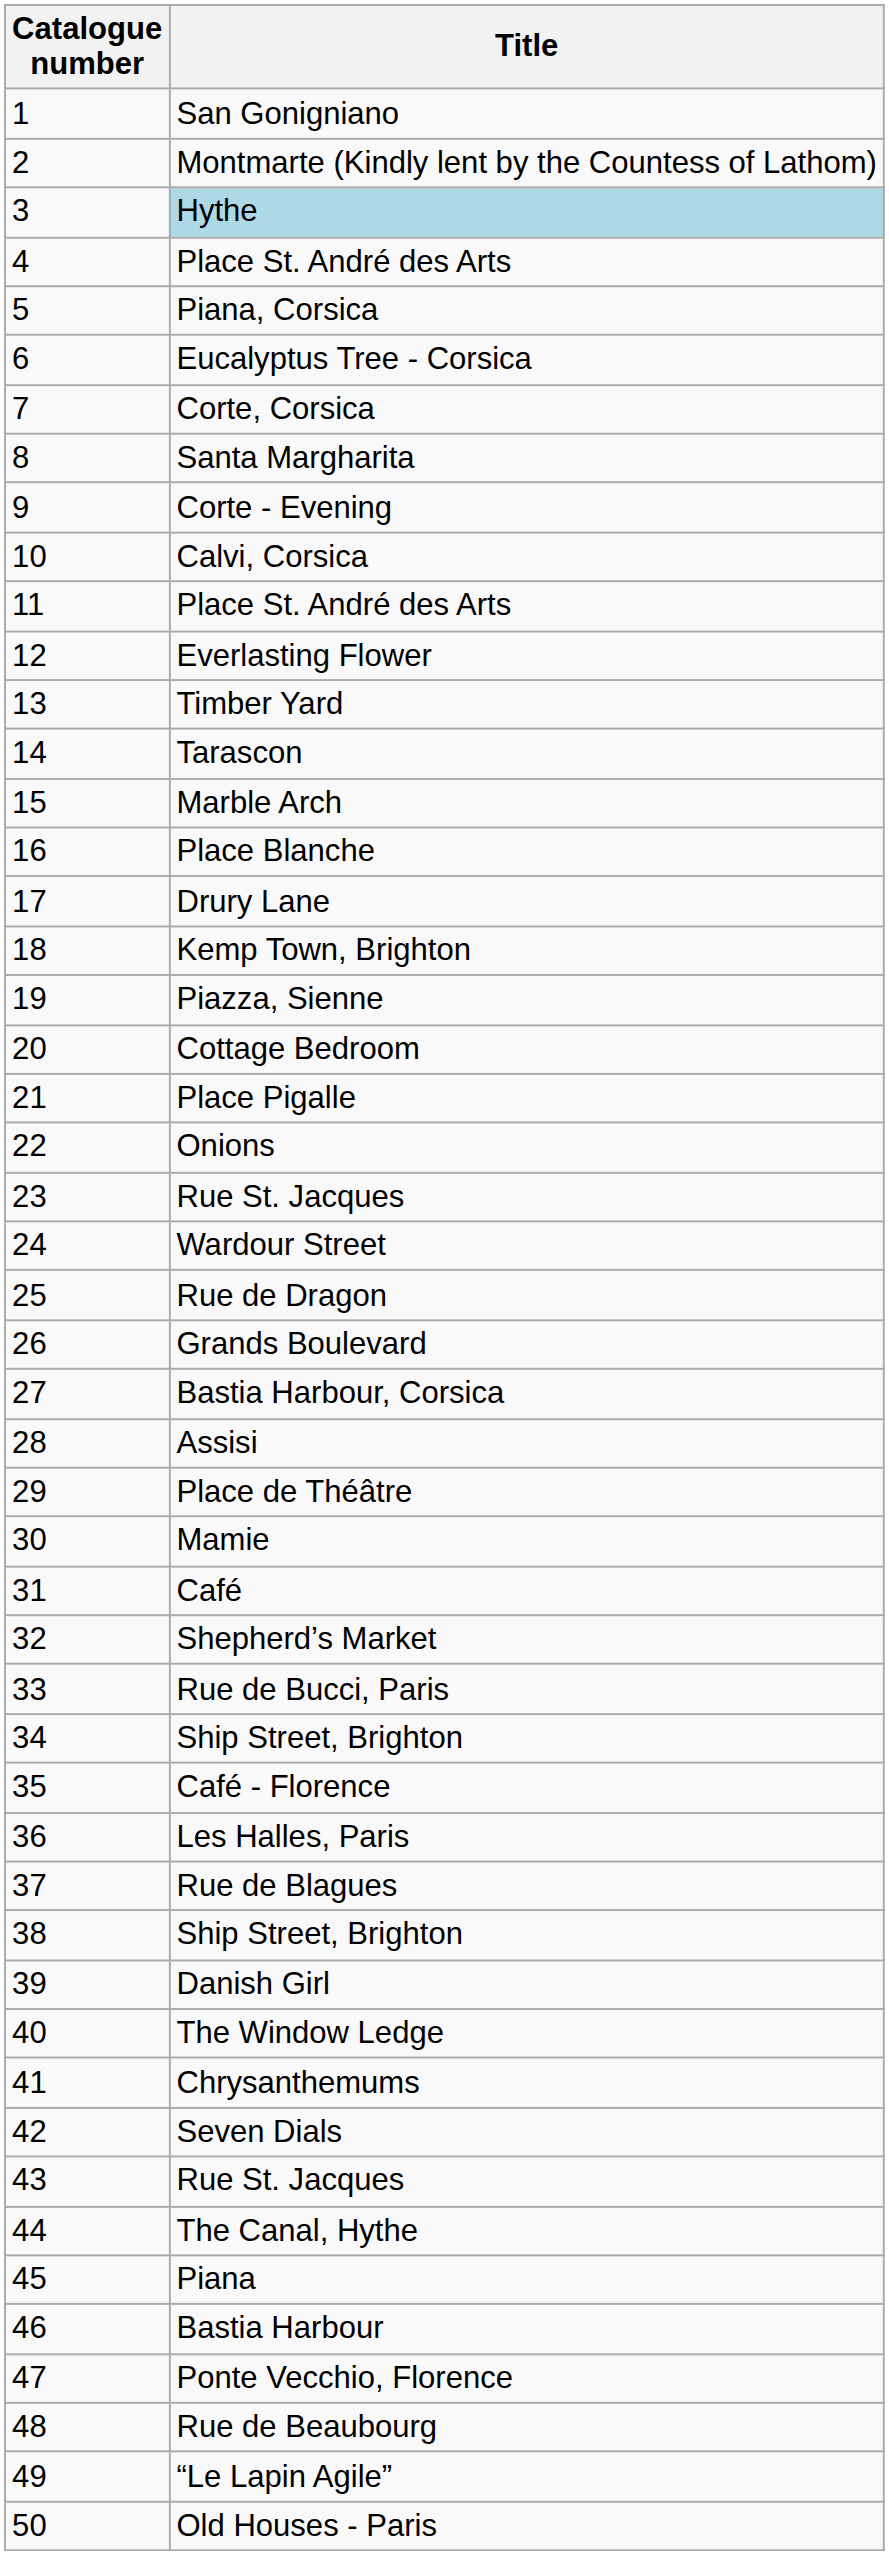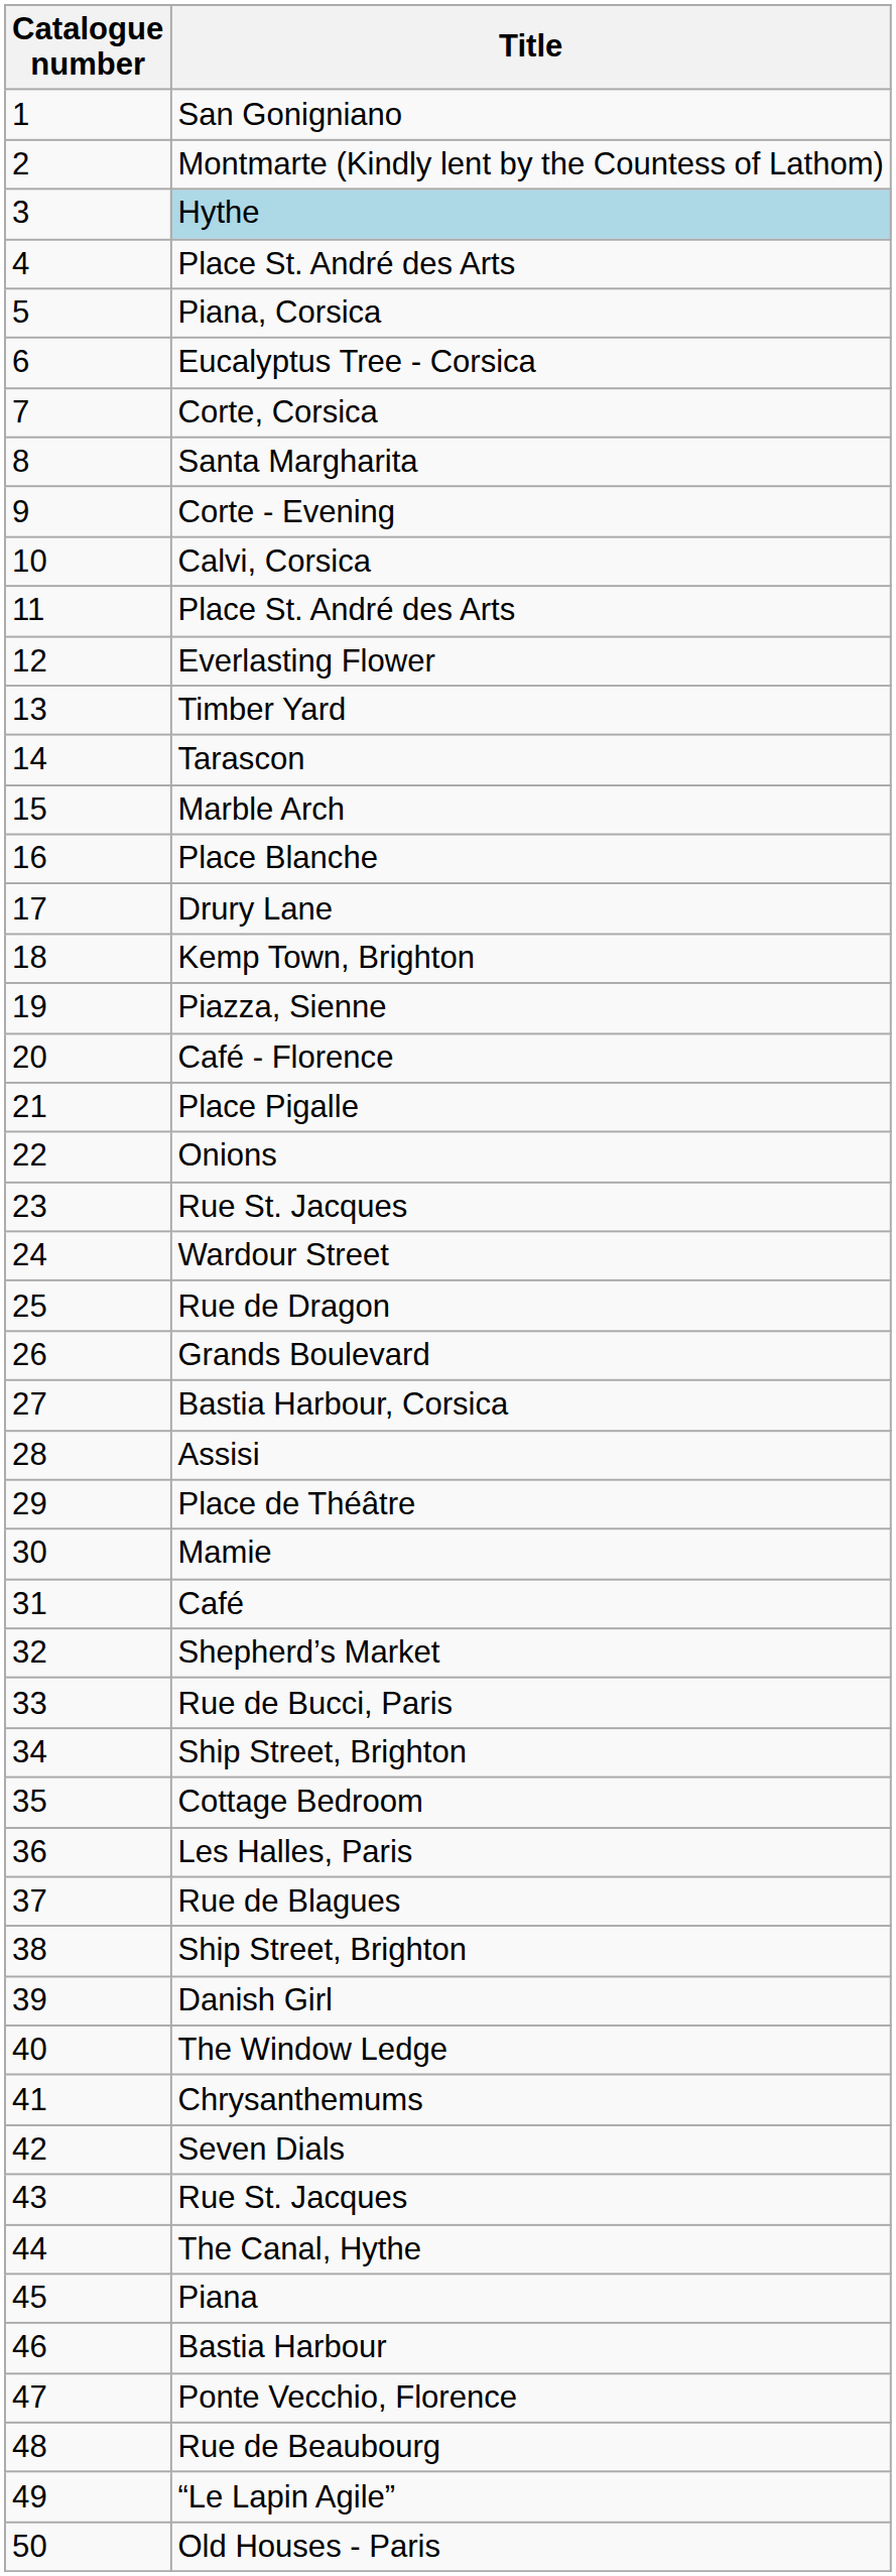 <table class="wikitable">
 <tr>
 <th>Catalogue<br>number</th>
 <th>Title</th>
 </tr>
 <tr>
 <td>1</td>
 <td>San Gonigniano</td>
 </tr>
 <tr>
 <td>2</td>
 <td>Montmarte (Kindly lent by the Countess of Lathom)</td>
 </tr>
 <tr>
 <td>3</td>
 <td style="background: lightblue;">Hythe</td>
 </tr>
 <tr>
 <td>4</td>
 <td>Place St. André des Arts</td>
 </tr>
 <tr>
 <td>5</td>
 <td>Piana, Corsica</td>
 </tr>
 <tr>
 <td>6</td>
 <td>Eucalyptus Tree - Corsica</td>
 </tr>
 <tr>
 <td>7</td>
 <td>Corte, Corsica</td>
 </tr>
 <tr>
 <td>8</td>
 <td>Santa Margharita</td>
 </tr>
 <tr>
 <td>9</td>
 <td>Corte - Evening</td>
 </tr>
 <tr>
 <td>10</td>
 <td>Calvi, Corsica</td>
 </tr>
 <tr>
 <td>11</td>
 <td>Place St. André des Arts</td>
 </tr>
 <tr>
 <td>12</td>
 <td>Everlasting Flower</td>
 </tr>
 <tr>
 <td>13</td>
 <td>Timber Yard</td>
 </tr>
 <tr>
 <td>14</td>
 <td>Tarascon</td>
 </tr>
 <tr>
 <td>15</td>
 <td>Marble Arch</td>
 </tr>
 <tr>
 <td>16</td>
 <td>Place Blanche</td>
 </tr>
 <tr>
 <td>17</td>
 <td>Drury Lane</td>
 </tr>
 <tr>
 <td>18</td>
 <td>Kemp Town, Brighton</td>
 </tr>
 <tr>
 <td>19</td>
 <td>Piazza, Sienne</td>
 </tr>
 <tr>
 <td>20</td>
-<td>Cottage Bedroom</td>
+<td>Café - Florence</td>
 </tr>
 <tr>
 <td>21</td>
 <td>Place Pigalle</td>
 </tr>
 <tr>
 <td>22</td>
 <td>Onions</td>
 </tr>
 <tr>
 <td>23</td>
 <td>Rue St. Jacques</td>
 </tr>
 <tr>
 <td>24</td>
 <td>Wardour Street</td>
 </tr>
 <tr>
 <td>25</td>
 <td>Rue de Dragon</td>
 </tr>
 <tr>
 <td>26</td>
 <td>Grands Boulevard</td>
 </tr>
 <tr>
 <td>27</td>
 <td>Bastia Harbour, Corsica</td>
 </tr>
 <tr>
 <td>28</td>
 <td>Assisi</td>
 </tr>
 <tr>
 <td>29</td>
 <td>Place de Théâtre</td>
 </tr>
 <tr>
 <td>30</td>
 <td>Mamie</td>
 </tr>
 <tr>
 <td>31</td>
 <td>Café</td>
 </tr>
 <tr>
 <td>32</td>
 <td>Shepherd’s Market</td>
 </tr>
 <tr>
 <td>33</td>
 <td>Rue de Bucci, Paris</td>
 </tr>
 <tr>
 <td>34</td>
 <td>Ship Street, Brighton</td>
 </tr>
 <tr>
 <td>35</td>
-<td>Café - Florence</td>
+<td>Cottage Bedroom</td>
 </tr>
 <tr>
 <td>36</td>
 <td>Les Halles, Paris</td>
 </tr>
 <tr>
 <td>37</td>
 <td>Rue de Blagues</td>
 </tr>
 <tr>
 <td>38</td>
 <td>Ship Street, Brighton</td>
 </tr>
 <tr>
 <td>39</td>
 <td>Danish Girl</td>
 </tr>
 <tr>
 <td>40</td>
 <td>The Window Ledge</td>
 </tr>
 <tr>
 <td>41</td>
 <td>Chrysanthemums</td>
 </tr>
 <tr>
 <td>42</td>
 <td>Seven Dials</td>
 </tr>
 <tr>
 <td>43</td>
 <td>Rue St. Jacques</td>
 </tr>
 <tr>
 <td>44</td>
 <td>The Canal, Hythe</td>
 </tr>
 <tr>
 <td>45</td>
 <td>Piana</td>
 </tr>
 <tr>
 <td>46</td>
 <td>Bastia Harbour</td>
 </tr>
 <tr>
 <td>47</td>
 <td>Ponte Vecchio, Florence</td>
 </tr>
 <tr>
 <td>48</td>
 <td>Rue de Beaubourg</td>
 </tr>
 <tr>
 <td>49</td>
 <td>“Le Lapin Agile”</td>
 </tr>
 <tr>
 <td>50</td>
 <td>Old Houses - Paris</td>
 </tr>
 </table>
